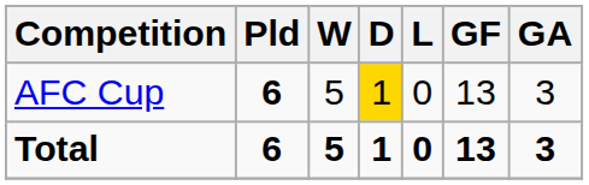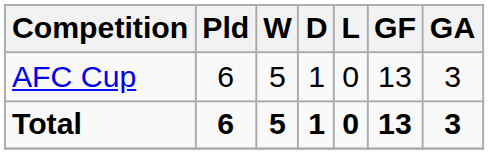 <table class="wikitable">
 <tr>
 <th>Competition</th>
 <th>Pld</th>
 <th>W</th>
 <th>D</th>
 <th>L</th>
 <th>GF</th>
 <th>GA</th>
 </tr>
 <tr>
 <td><a href='#'>AFC Cup</a></td>
-<td style="text-align:center;"><strong>6</strong></td>
+<td style="text-align:center;">6</td>
 <td style="text-align:center;">5</td>
-<td style="background: gold; text-align:center;">1</td>
+<td style="text-align:center;">1</td>
 <td style="text-align:center;">0</td>
 <td style="text-align:center;">13</td>
 <td style="text-align:center;">3</td>
 </tr>
 <tr>
 <td><strong>Total</strong></td>
 <td style="text-align:center;"><strong>6</strong></td>
 <td style="text-align:center;"><strong>5</strong></td>
 <td style="text-align:center;"><strong>1</strong></td>
 <td style="text-align:center;"><strong>0</strong></td>
 <td style="text-align:center;"><strong>13</strong></td>
 <td style="text-align:center;"><strong>3</strong></td>
 </tr>
 <tr>
 </tr>
 </table>
